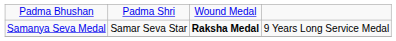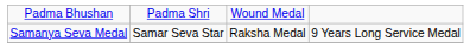 <table class="wikitable" style="margin:1em auto; text-align:center;">
 <tr>
 <td><a href='#'>Padma Bhushan</a></td>
 <td><a href='#'>Padma Shri</a></td>
 <td><a href='#'>Wound Medal</a></td>
 </tr>
 <tr>
 <td><a href='#'>Samanya Seva Medal</a></td>
 <td>Samar Seva Star</td>
-<td><strong>Raksha Medal</strong></td>
+<td>Raksha Medal</td>
 <td>9 Years Long Service Medal</td>
 </tr>
 <tr>
 </tr>
 </table>
